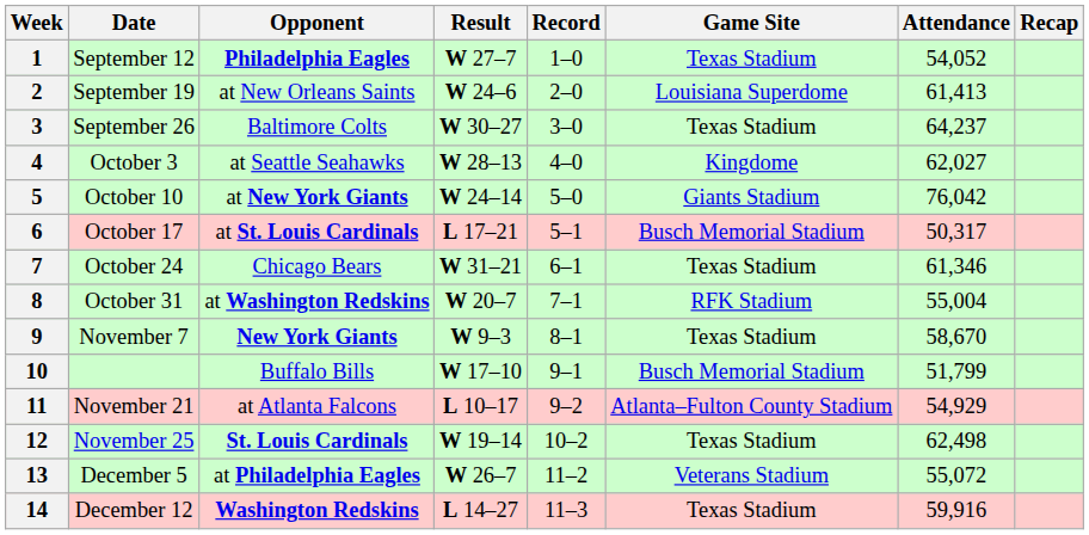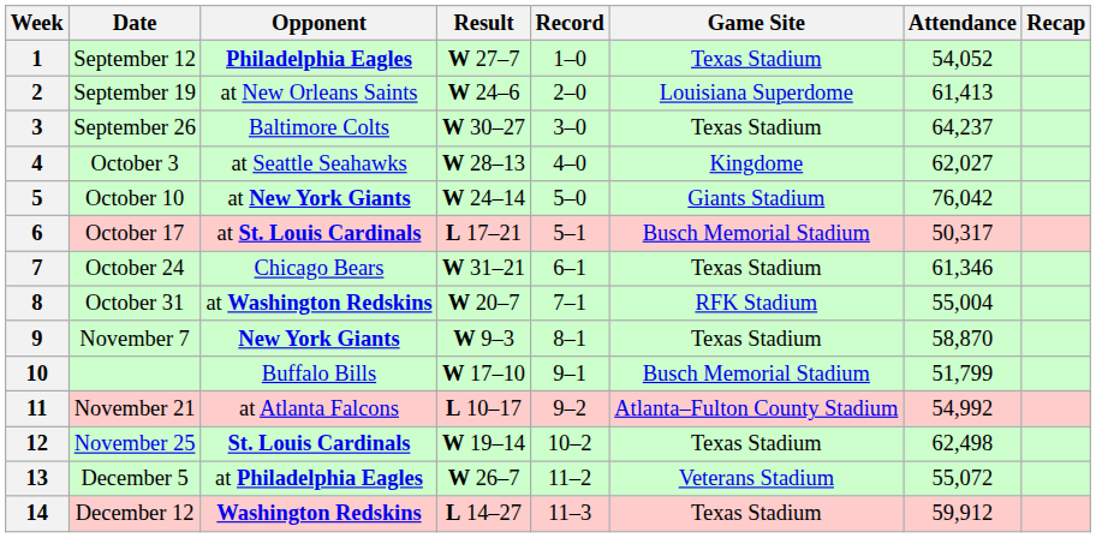 <table class="wikitable" style="text-align:center">
 <tr>
 <th>Week</th>
 <th>Date</th>
 <th>Opponent</th>
 <th>Result</th>
 <th>Record</th>
 <th>Game Site</th>
 <th>Attendance</th>
 <th>Recap</th>
 </tr>
 <tr style="background: #cfc">
 <th>1</th>
 <td>September 12</td>
 <td><strong><a href='#'>Philadelphia Eagles</a></strong></td>
 <td><strong>W</strong> 27–7</td>
 <td>1–0</td>
 <td><a href='#'>Texas Stadium</a></td>
 <td>54,052</td>
 <td></td>
 </tr>
 <tr style="background: #cfc">
 <th>2</th>
 <td>September 19</td>
 <td>at <a href='#'>New Orleans Saints</a></td>
 <td><strong>W</strong> 24–6</td>
 <td>2–0</td>
 <td><a href='#'>Louisiana Superdome</a></td>
 <td>61,413</td>
 <td></td>
 </tr>
 <tr style="background: #cfc">
 <th>3</th>
 <td>September 26</td>
 <td><a href='#'>Baltimore Colts</a></td>
 <td><strong>W</strong> 30–27</td>
 <td>3–0</td>
 <td>Texas Stadium</td>
 <td>64,237</td>
 <td></td>
 </tr>
 <tr style="background: #cfc">
 <th>4</th>
 <td>October 3</td>
 <td>at <a href='#'>Seattle Seahawks</a></td>
 <td><strong>W</strong> 28–13</td>
 <td>4–0</td>
 <td><a href='#'>Kingdome</a></td>
 <td>62,027</td>
 <td></td>
 </tr>
 <tr style="background: #cfc">
 <th>5</th>
 <td>October 10</td>
 <td>at <strong><a href='#'>New York Giants</a></strong></td>
 <td><strong>W</strong> 24–14</td>
 <td>5–0</td>
 <td><a href='#'>Giants Stadium</a></td>
 <td>76,042</td>
 <td></td>
 </tr>
 <tr style="background: #fcc">
 <th>6</th>
 <td>October 17</td>
 <td>at <strong><a href='#'>St. Louis Cardinals</a></strong></td>
 <td><strong>L</strong> 17–21</td>
 <td>5–1</td>
 <td><a href='#'>Busch Memorial Stadium</a></td>
 <td>50,317</td>
 <td></td>
 </tr>
 <tr style="background: #cfc">
 <th>7</th>
 <td>October 24</td>
 <td><a href='#'>Chicago Bears</a></td>
 <td><strong>W</strong> 31–21</td>
 <td>6–1</td>
 <td>Texas Stadium</td>
 <td>61,346</td>
 <td></td>
 </tr>
 <tr style="background: #cfc">
 <th>8</th>
 <td>October 31</td>
 <td>at <strong><a href='#'>Washington Redskins</a></strong></td>
 <td><strong>W</strong> 20–7</td>
 <td>7–1</td>
 <td><a href='#'>RFK Stadium</a></td>
 <td>55,004</td>
 <td></td>
 </tr>
 <tr style="background: #cfc">
 <th>9</th>
 <td>November 7</td>
 <td><strong><a href='#'>New York Giants</a></strong></td>
 <td><strong>W</strong> 9–3</td>
 <td>8–1</td>
 <td>Texas Stadium</td>
-<td>58,670</td>
+<td>58,870</td>
 <td></td>
 </tr>
 <tr style="background: #cfc">
 <th>10</th>
 <td></td>
 <td><a href='#'>Buffalo Bills</a></td>
 <td><strong>W</strong> 17–10</td>
 <td>9–1</td>
 <td><a href='#'>Busch Memorial Stadium</a></td>
 <td>51,799</td>
 <td></td>
 </tr>
 <tr style="background: #fcc">
 <th>11</th>
 <td>November 21</td>
 <td>at <a href='#'>Atlanta Falcons</a></td>
 <td><strong>L</strong> 10–17</td>
 <td>9–2</td>
 <td><a href='#'>Atlanta–Fulton County Stadium</a></td>
-<td>54,929</td>
+<td>54,992</td>
 <td></td>
 </tr>
 <tr style="background: #cfc">
 <th>12</th>
 <td><a href='#'>November 25</a></td>
 <td><strong><a href='#'>St. Louis Cardinals</a></strong></td>
 <td><strong>W</strong> 19–14</td>
 <td>10–2</td>
 <td>Texas Stadium</td>
 <td>62,498</td>
 <td></td>
 </tr>
 <tr style="background: #cfc">
 <th>13</th>
 <td>December 5</td>
 <td>at <strong><a href='#'>Philadelphia Eagles</a></strong></td>
 <td><strong>W</strong> 26–7</td>
 <td>11–2</td>
 <td><a href='#'>Veterans Stadium</a></td>
 <td>55,072</td>
 <td></td>
 </tr>
 <tr style="background: #fcc">
 <th>14</th>
 <td>December 12</td>
 <td><strong><a href='#'>Washington Redskins</a></strong></td>
 <td><strong>L</strong> 14–27</td>
 <td>11–3</td>
 <td>Texas Stadium</td>
-<td>59,916</td>
+<td>59,912</td>
 <td></td>
 </tr>
 </table>
